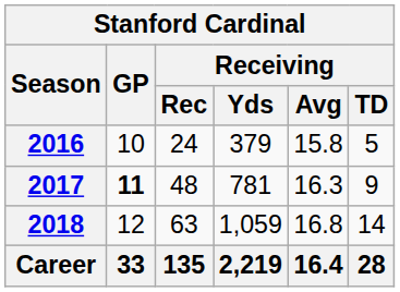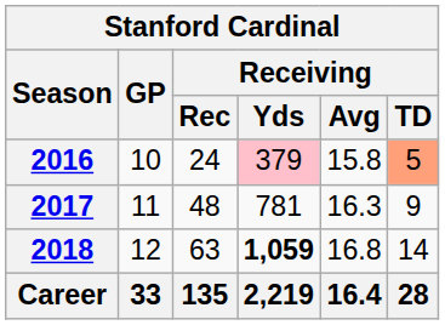 <table class="wikitable" style="text-align:center;">
 <tr>
 <th colspan="15">Stanford Cardinal</th>
 </tr>
 <tr>
 <th rowspan="2">Season</th>
 <th rowspan="2">GP</th>
 <th colspan="4">Receiving</th>
 </tr>
 <tr>
 <th>Rec</th>
 <th>Yds</th>
 <th>Avg</th>
 <th>TD</th>
 </tr>
 <tr>
 <th><a href='#'>2016</a></th>
 <td>10</td>
 <td>24</td>
-<td>379</td>
+<td style="background: pink;">379</td>
 <td>15.8</td>
-<td>5</td>
+<td style="background: lightsalmon;">5</td>
 </tr>
 <tr>
 <th><a href='#'>2017</a></th>
-<td><strong>11</strong></td>
+<td>11</td>
 <td>48</td>
 <td>781</td>
 <td>16.3</td>
 <td>9</td>
 </tr>
 <tr>
 <th><a href='#'>2018</a></th>
 <td>12</td>
 <td>63</td>
-<td>1,059</td>
+<td><strong>1,059</strong></td>
 <td>16.8</td>
 <td>14</td>
 </tr>
 <tr>
 <th>Career</th>
 <th>33</th>
 <th>135</th>
 <th>2,219</th>
 <th>16.4</th>
 <th>28</th>
 </tr>
 </table>
